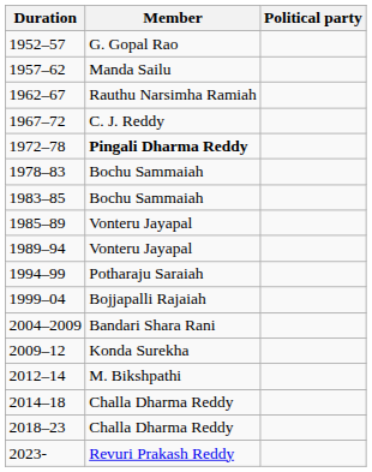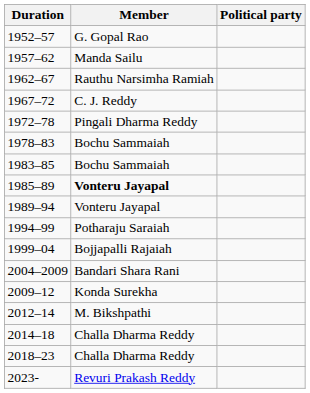 <table class="wikitable sortable">
 <tr>
 <th>Duration</th>
 <th>Member</th>
 <th colspan="2">Political party</th>
 </tr>
 <tr>
 <td>1952–57</td>
 <td>G. Gopal Rao</td>
 <td></td>
 </tr>
 <tr>
 <td>1957–62</td>
 <td>Manda Sailu</td>
 <td></td>
 </tr>
 <tr>
 <td>1962–67</td>
 <td>Rauthu Narsimha Ramiah</td>
 <td></td>
 </tr>
 <tr>
 <td>1967–72</td>
 <td>C. J. Reddy</td>
 <td></td>
 </tr>
 <tr>
 <td>1972–78</td>
-<td><strong>Pingali Dharma Reddy</strong></td>
+<td>Pingali Dharma Reddy</td>
 <td></td>
 </tr>
 <tr>
 <td>1978–83</td>
 <td>Bochu Sammaiah</td>
 <td></td>
 </tr>
 <tr>
 <td>1983–85</td>
 <td>Bochu Sammaiah</td>
 <td></td>
 </tr>
 <tr>
 <td>1985–89</td>
-<td>Vonteru Jayapal</td>
+<td><strong>Vonteru Jayapal</strong></td>
 <td></td>
 </tr>
 <tr>
 <td>1989–94</td>
 <td>Vonteru Jayapal</td>
 <td></td>
 </tr>
 <tr>
 <td>1994–99</td>
 <td>Potharaju Saraiah</td>
 <td></td>
 </tr>
 <tr>
 <td>1999–04</td>
 <td>Bojjapalli Rajaiah</td>
 <td></td>
 </tr>
 <tr>
 <td>2004–2009</td>
 <td>Bandari Shara Rani</td>
 <td></td>
 </tr>
 <tr>
 <td>2009–12</td>
 <td>Konda Surekha</td>
 <td></td>
 </tr>
 <tr>
 <td>2012–14</td>
 <td>M. Bikshpathi</td>
 <td></td>
 </tr>
 <tr>
 <td>2014–18</td>
 <td>Challa Dharma Reddy</td>
 <td></td>
 </tr>
 <tr>
 <td>2018–23</td>
 <td>Challa Dharma Reddy</td>
 <td></td>
 </tr>
 <tr>
 <td>2023-</td>
 <td><a href='#'>Revuri Prakash Reddy</a></td>
 <td></td>
 </tr>
 </table>
